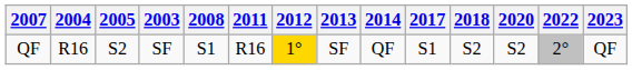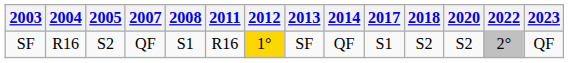 <table class="wikitable" style="margin:0.5em ; font-size:80%">
 <tr>
-<th><a href='#'>2007</a></th>
+<th><a href='#'>2003</a></th>
 <th><a href='#'>2004</a></th>
 <th><a href='#'>2005</a></th>
-<th><a href='#'>2003</a></th>
+<th><a href='#'>2007</a></th>
 <th><a href='#'>2008</a></th>
 <th><a href='#'>2011</a></th>
 <th><a href='#'>2012</a></th>
 <th><a href='#'>2013</a></th>
 <th><a href='#'>2014</a></th>
 <th><a href='#'>2017</a></th>
 <th><a href='#'>2018</a></th>
 <th><a href='#'>2020</a></th>
 <th><a href='#'>2022</a></th>
 <th><a href='#'>2023</a></th>
 </tr>
 <tr>
-<td align=center>QF</td>
+<td align=center>SF</td>
 <td align=center>R16</td>
 <td align=center>S2</td>
-<td align=center>SF</td>
+<td align=center>QF</td>
 <td align=center>S1</td>
 <td align=center>R16</td>
 <td align=center style="background:gold;">1°</td>
 <td align=center>SF</td>
 <td align=center>QF</td>
 <td align=center>S1</td>
 <td align=center>S2</td>
 <td align=center>S2</td>
 <td align=center style="background:silver;">2°</td>
 <td align=center>QF</td>
 </tr>
 </table>
